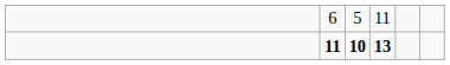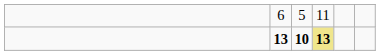 <table class="wikitable">
 <tr>
 <td style="width:18em"></td>
 <td align=center style="width:1em">6</td>
 <td align=center style="width:1em">5</td>
 <td align=center style="width:1em">11</td>
 <td align=center style="width:1em"></td>
 <td align=center style="width:1em"></td>
 </tr>
 <tr>
 <td style="width:18em"><strong></strong></td>
-<td align=center style="width:1em"><strong>11</strong></td>
+<td align=center style="width:1em"><strong>13</strong></td>
 <td align=center style="width:1em"><strong>10</strong></td>
-<td align=center style="width:1em"><strong>13</strong></td>
+<td align=center style="background: khaki; width:1em"><strong>13</strong></td>
 <td align=center style="width:1em"></td>
 <td align=center style="width:1em"></td>
 </tr>
 </table>
